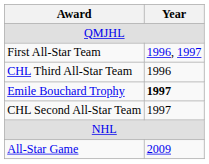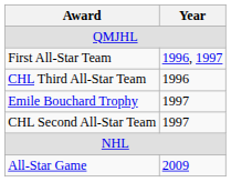 <table class="wikitable">
 <tr>
 <th>Award</th>
 <th>Year</th>
 </tr>
 <tr ALIGN="center" bgcolor="#e0e0e0">
 <td colspan="2"><a href='#'>QMJHL</a></td>
 </tr>
 <tr>
 <td>First All-Star Team</td>
 <td><a href='#'>1996</a>, <a href='#'>1997</a></td>
 </tr>
 <tr>
 <td><a href='#'>CHL</a> Third All-Star Team</td>
 <td>1996</td>
 </tr>
 <tr>
 <td><a href='#'>Emile Bouchard Trophy</a></td>
-<td><strong>1997</strong></td>
+<td>1997</td>
 </tr>
 <tr>
 <td>CHL Second All-Star Team</td>
 <td>1997</td>
 </tr>
 <tr ALIGN="center" bgcolor="#e0e0e0">
 <td colspan="2"><a href='#'>NHL</a></td>
 </tr>
 <tr>
 <td><a href='#'>All-Star Game</a></td>
 <td><a href='#'>2009</a></td>
 </tr>
 </table>
